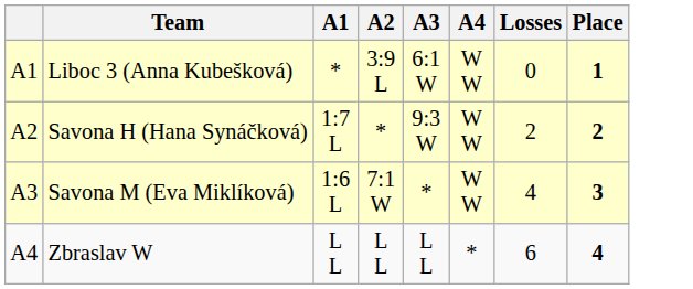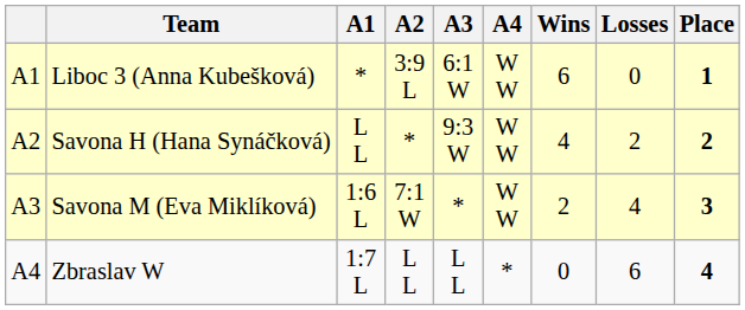 <table class="wikitable" style="text-align:center;">
 <tr>
 <th></th>
 <th>Team</th>
 <th width="25">A1</th>
 <th width="25">A2</th>
 <th width="25">A3</th>
 <th width="25">A4</th>
+<th width="20">Wins</th>
 <th width="20">Losses</th>
 <th>Place</th>
 </tr>
 <tr bgcolor=#ffc>
 <td>A1</td>
 <td align=left>Liboc 3 (Anna Kubešková)</td>
 <td>*</td>
 <td>3:9<br>   L</td>
 <td>6:1<br>   W</td>
 <td>W<br>   W</td>
+<td>6</td>
 <td>0</td>
 <td><strong>1</strong></td>
 </tr>
 <tr bgcolor=#ffc>
 <td>A2</td>
 <td align=left>Savona H (Hana Synáčková)</td>
-<td>1:7<br>   L</td>
+<td>L<br>   L</td>
 <td>*</td>
 <td>9:3<br>   W</td>
 <td>W<br>   W</td>
+<td>4</td>
 <td>2</td>
 <td><strong>2</strong></td>
 </tr>
 <tr bgcolor=#ffc>
 <td>A3</td>
 <td align=left>Savona M (Eva Miklíková)</td>
 <td>1:6<br>   L</td>
 <td>7:1<br>   W</td>
 <td>*</td>
 <td>W<br>   W</td>
+<td>2</td>
 <td>4</td>
 <td><strong>3</strong></td>
 </tr>
 <tr>
 <td>A4</td>
 <td align=left>Zbraslav W</td>
-<td>L<br>   L</td>
+<td>1:7<br>   L</td>
 <td>L<br>   L</td>
 <td>L<br>   L</td>
 <td>*</td>
+<td>0</td>
 <td>6</td>
 <td><strong>4</strong></td>
 </tr>
 </table>
